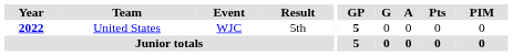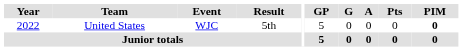 <table border="0" cellpadding="1" cellspacing="0" ID="Table3" style="text-align:center; width:40em;">
 <tr bgcolor="#e0e0e0">
 <th>Year</th>
 <th>Team</th>
 <th>Event</th>
 <th>Result</th>
 <th rowspan="98" bgcolor="#ffffff"></th>
 <th>GP</th>
 <th>G</th>
 <th>A</th>
 <th>Pts</th>
 <th>PIM</th>
 </tr>
 <tr>
-<td><strong><a href='#'>2022</a></strong></td>
+<td><a href='#'>2022</a></td>
 <td><a href='#'>United States</a></td>
 <td><a href='#'>WJC</a></td>
 <td>5th</td>
-<td><strong>5</strong></td>
+<td>5</td>
 <td>0</td>
 <td>0</td>
 <td>0</td>
-<td>0</td>
+<td><strong>0</strong></td>
 </tr>
 <tr bgcolor="#e0e0e0">
 <th colspan="4">Junior totals</th>
 <th>5</th>
 <th>0</th>
 <th>0</th>
 <th>0</th>
 <th>0</th>
 </tr>
 </table>
